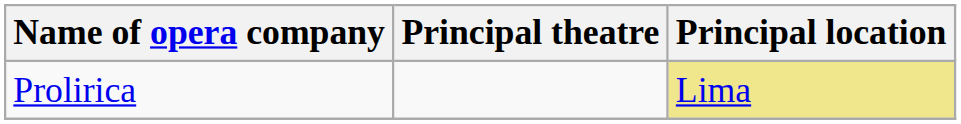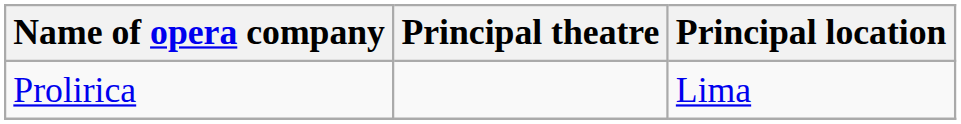 <table class="wikitable">
 <tr>
 <th>Name of <a href='#'>opera</a> company</th>
 <th>Principal theatre</th>
 <th>Principal location</th>
 </tr>
 <tr>
 <td><a href='#'>Prolirica</a></td>
 <td></td>
-<td style="background: khaki;"><a href='#'>Lima</a></td>
+<td><a href='#'>Lima</a></td>
 </tr>
 <tr>
 </tr>
 </table>
